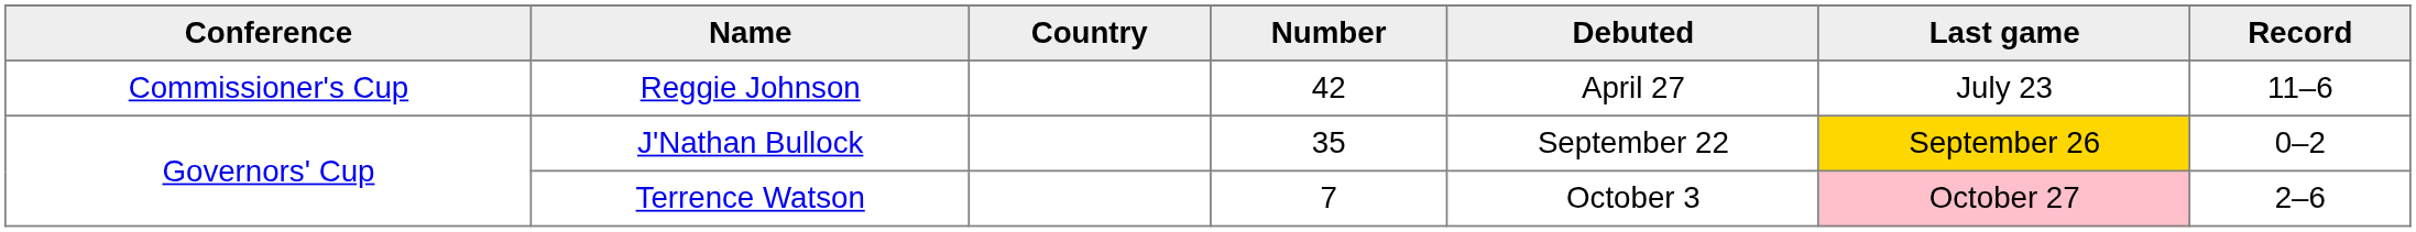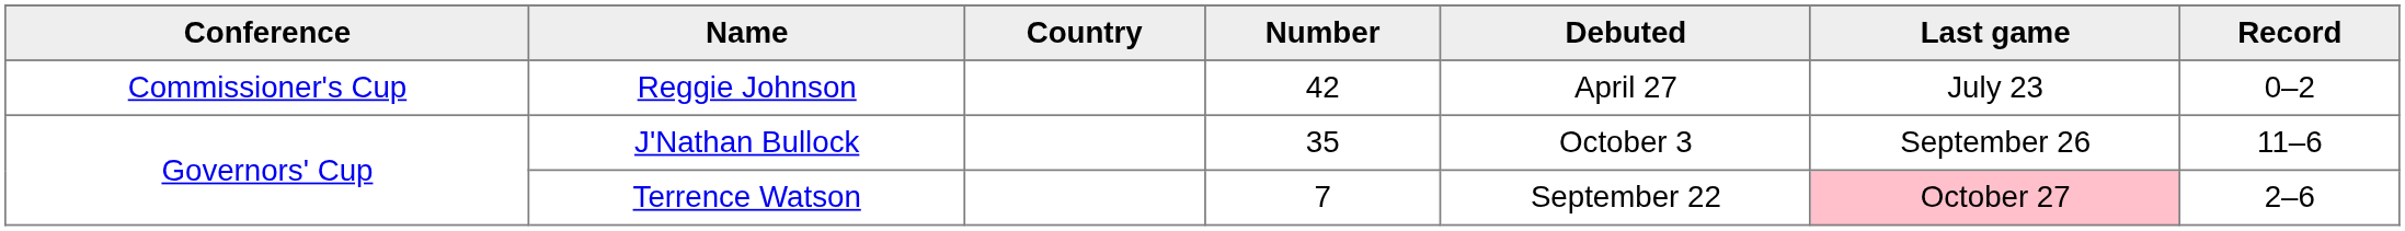 <table border=1 cellpadding="5" style="border-collapse:collapse; text-align: center; width: 100%; bordercolor:#DFDFDF">
 <tr>
 </tr>
 <tr bgcolor="eeeeee">
 <th>Conference</th>
 <th>Name</th>
 <th>Country</th>
 <th>Number</th>
 <th>Debuted</th>
 <th>Last game</th>
 <th>Record</th>
 </tr>
 <tr>
 <td><a href='#'>Commissioner's Cup</a></td>
 <td><a href='#'>Reggie Johnson</a></td>
 <td></td>
 <td>42</td>
 <td>April 27<br></td>
 <td>July 23<br></td>
-<td>11–6</td>
+<td>0–2</td>
 </tr>
 <tr>
 <td rowspan=2><a href='#'>Governors' Cup</a></td>
 <td><a href='#'>J'Nathan Bullock</a></td>
 <td></td>
 <td>35</td>
-<td>September 22<br></td>
-<td style="background: gold;">September 26<br></td>
-<td>0–2</td>
+<td>October 3<br></td>
+<td>September 26<br></td>
+<td>11–6</td>
 </tr>
 <tr>
 <td><a href='#'>Terrence Watson</a></td>
 <td></td>
 <td>7</td>
-<td>October 3<br></td>
+<td>September 22<br></td>
 <td style="background: pink;">October 27<br></td>
 <td>2–6</td>
 </tr>
 </table>
